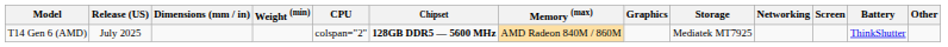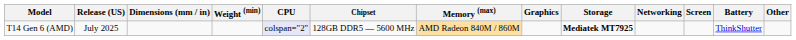 <table class="wikitable" style="font-size: 80%; text-align: center; min-width: 80%;">
 <tr>
 <th>Model</th>
 <th>Release (US)</th>
 <th>Dimensions (mm / in)</th>
 <th>Weight <sup>(min)</sup></th>
 <th>CPU</th>
 <th><small>Chipset</small></th>
 <th>Memory <sup>(max)</sup></th>
 <th>Graphics</th>
 <th>Storage</th>
 <th>Networking</th>
 <th>Screen</th>
 <th>Battery</th>
 <th>Other</th>
 </tr>
 <tr>
 <td>T14 Gen 6 (AMD)</td>
 <td>July 2025</td>
 <td></td>
 <td></td>
-<td>colspan="2" </td>
-<td style="background:"><strong>128GB DDR5 — 5600 MHz </strong></td>
+<td style="background: lavender;">colspan="2" </td>
+<td style="background:">128GB DDR5 — 5600 MHz </td>
 <td style="background:#fee0a3;">AMD Radeon 840M / 860M</td>
 <td></td>
-<td Gigabit Ethernet>Mediatek  MT7925<br><small></small></td>
+<td Gigabit Ethernet><strong>Mediatek  MT7925<br><small></small></strong></td>
 <td></td>
 <td></td>
 <td><a href='#'>ThinkShutter</a><br></td>
 </tr>
 </table>
